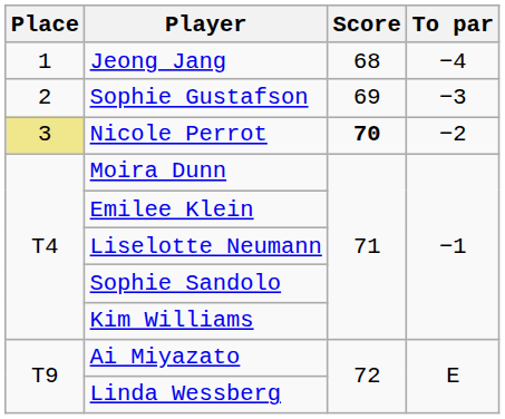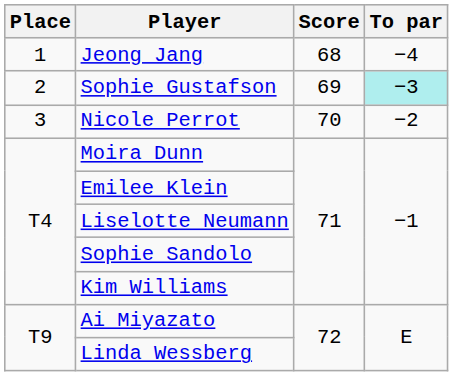 <table class="wikitable">
 <tr>
 <th>Place</th>
 <th>Player</th>
 <th>Score</th>
 <th>To par</th>
 </tr>
 <tr>
 <td align=center>1</td>
 <td> <a href='#'>Jeong Jang</a></td>
 <td align=center>68</td>
 <td align=center>−4</td>
 </tr>
 <tr>
 <td align=center>2</td>
 <td> <a href='#'>Sophie Gustafson</a></td>
 <td align=center>69</td>
-<td align=center>−3</td>
+<td align=center style="background: paleturquoise;">−3</td>
 </tr>
 <tr>
-<td align=center style="background: khaki;">3</td>
+<td align=center>3</td>
 <td> <a href='#'>Nicole Perrot</a></td>
-<td align=center><strong>70</strong></td>
+<td align=center>70</td>
 <td align=center>−2</td>
 </tr>
 <tr>
 <td align=center rowspan=5>T4</td>
 <td> <a href='#'>Moira Dunn</a></td>
 <td align=center rowspan=5>71</td>
 <td align=center rowspan=5>−1</td>
 </tr>
 <tr>
 <td> <a href='#'>Emilee Klein</a></td>
 </tr>
 <tr>
 <td> <a href='#'>Liselotte Neumann</a></td>
 </tr>
 <tr>
 <td> <a href='#'>Sophie Sandolo</a></td>
 </tr>
 <tr>
 <td> <a href='#'>Kim Williams</a></td>
 </tr>
 <tr>
 <td align=center rowspan=2>T9</td>
 <td> <a href='#'>Ai Miyazato</a></td>
 <td align=center rowspan=2>72</td>
 <td align=center rowspan=2>E</td>
 </tr>
 <tr>
 <td> <a href='#'>Linda Wessberg</a></td>
 </tr>
 </table>
